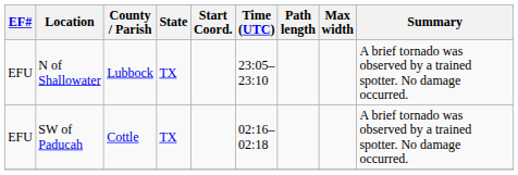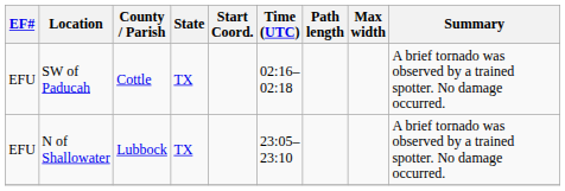 <table class="wikitable sortable" style="width:100%;">
 <tr>
 <th scope="col"  style="width:3%; text-align:center;"><a href='#'>EF#</a></th>
 <th scope="col"  style="width:7%; text-align:center;" class="unsortable">Location</th>
 <th scope="col"  style="width:6%; text-align:center;" class="unsortable">County / Parish</th>
 <th scope="col"  style="width:5%; text-align:center;">State</th>
 <th scope="col"  style="width:6%; text-align:center;">Start Coord.</th>
 <th scope="col"  style="width:6%; text-align:center;">Time (<a href='#'>UTC</a>)</th>
 <th scope="col"  style="width:6%; text-align:center;">Path length</th>
 <th scope="col"  style="width:6%; text-align:center;">Max width</th>
 <th scope="col" class="unsortable" style="width:48%; text-align:center;">Summary</th>
 </tr>
 <tr>
 <td>EFU</td>
+<td>SW of <a href='#'>Paducah</a></td>
+<td><a href='#'>Cottle</a></td>
+<td><a href='#'>TX</a></td>
+<td></td>
+<td>02:16–02:18</td>
+<td></td>
+<td></td>
+<td>A brief tornado was observed by a trained spotter. No damage occurred.</td>
+</tr>
+<tr>
+<td>EFU</td>
 <td>N of <a href='#'>Shallowater</a></td>
 <td><a href='#'>Lubbock</a></td>
 <td><a href='#'>TX</a></td>
 <td></td>
 <td>23:05–23:10</td>
 <td></td>
 <td></td>
 <td>A brief tornado was observed by a trained spotter. No damage occurred.</td>
 </tr>
 <tr>
-<td>EFU</td>
-<td>SW of <a href='#'>Paducah</a></td>
-<td><a href='#'>Cottle</a></td>
-<td><a href='#'>TX</a></td>
-<td></td>
-<td>02:16–02:18</td>
-<td></td>
-<td></td>
-<td>A brief tornado was observed by a trained spotter. No damage occurred.</td>
-</tr>
-<tr>
 </tr>
 </table>
